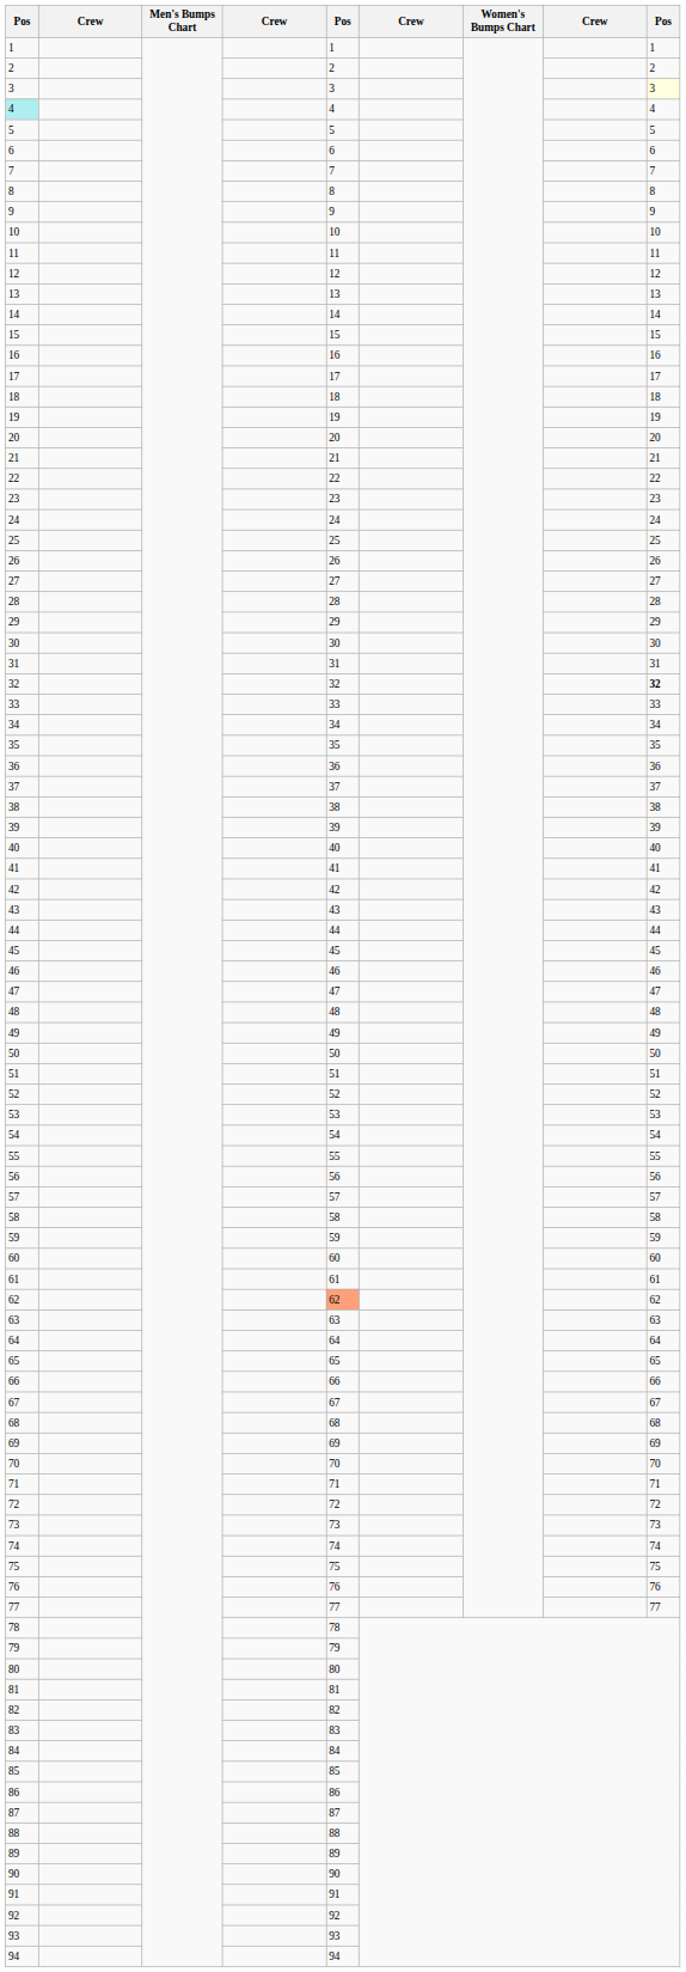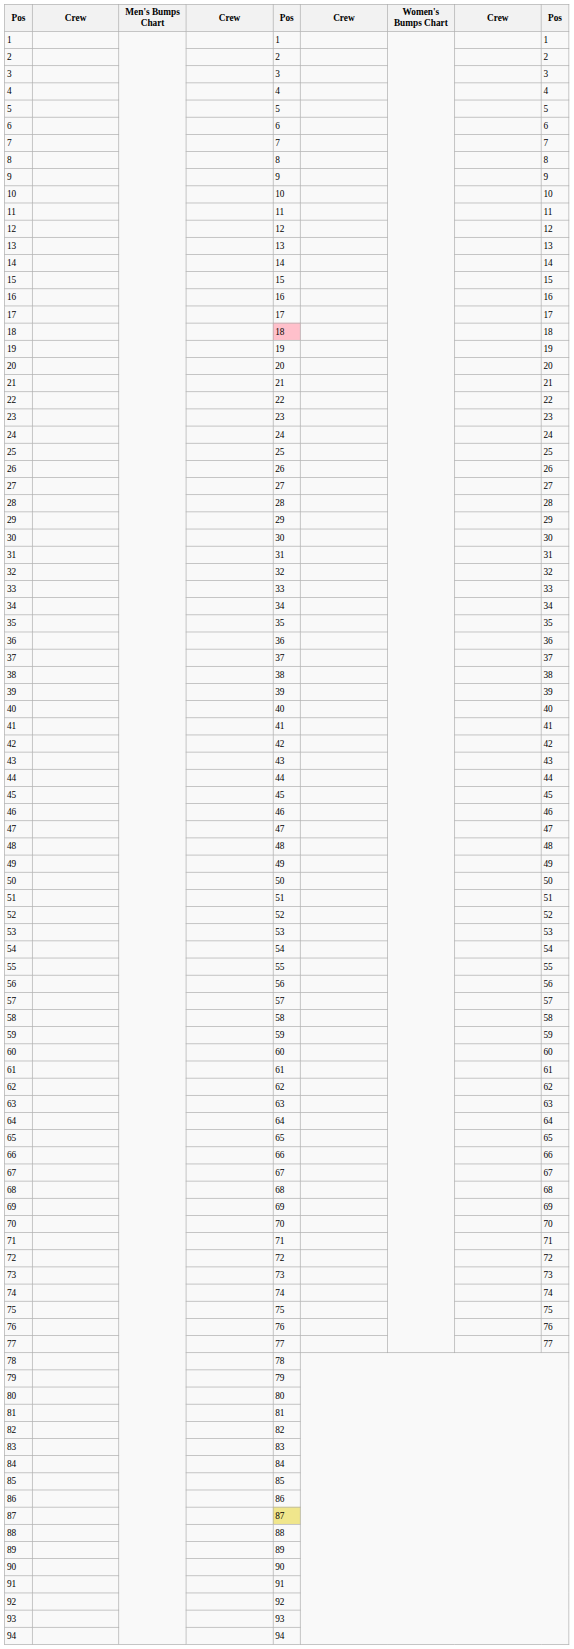 <table class="wikitable" style="font-size:88%; white-space:nowrap; margin:0.5em auto">
 <tr style="white-space:normal">
 <th width=35>Pos</th>
 <th width=125>Crew</th>
 <th width=95>Men's Bumps Chart</th>
 <th width=125>Crew</th>
 <th width=35>Pos</th>
 <th width=125>Crew</th>
 <th width=95>Women's Bumps Chart</th>
 <th width=125>Crew</th>
 <th width=35>Pos</th>
 </tr>
 <tr style="height:26px">
 <td>1</td>
 <td></td>
 <td rowspan="94" style="padding:0"></td>
 <td></td>
 <td>1</td>
 <td></td>
 <td rowspan="77" style="padding:0"></td>
 <td></td>
 <td>1</td>
 </tr>
 <tr style="height:26px">
 <td>2</td>
 <td></td>
 <td></td>
 <td>2</td>
 <td></td>
 <td></td>
 <td>2</td>
 </tr>
 <tr style="height:26px">
 <td>3</td>
 <td></td>
 <td></td>
 <td>3</td>
 <td></td>
 <td></td>
-<td style="background: lightyellow;">3</td>
+<td>3</td>
 </tr>
 <tr style="height:26px">
-<td style="background: paleturquoise;">4</td>
+<td>4</td>
 <td></td>
 <td></td>
 <td>4</td>
 <td></td>
 <td></td>
 <td>4</td>
 </tr>
 <tr style="height:26px">
 <td>5</td>
 <td></td>
 <td></td>
 <td>5</td>
 <td></td>
 <td></td>
 <td>5</td>
 </tr>
 <tr style="height:26px">
 <td>6</td>
 <td></td>
 <td></td>
 <td>6</td>
 <td></td>
 <td></td>
 <td>6</td>
 </tr>
 <tr style="height:26px">
 <td>7</td>
 <td></td>
 <td></td>
 <td>7</td>
 <td></td>
 <td></td>
 <td>7</td>
 </tr>
 <tr style="height:26px">
 <td>8</td>
 <td></td>
 <td></td>
 <td>8</td>
 <td></td>
 <td></td>
 <td>8</td>
 </tr>
 <tr style="height:26px">
 <td>9</td>
 <td></td>
 <td></td>
 <td>9</td>
 <td></td>
 <td></td>
 <td>9</td>
 </tr>
 <tr style="height:26px">
 <td>10</td>
 <td></td>
 <td></td>
 <td>10</td>
 <td></td>
 <td></td>
 <td>10</td>
 </tr>
 <tr style="height:26px">
 <td>11</td>
 <td></td>
 <td></td>
 <td>11</td>
 <td></td>
 <td></td>
 <td>11</td>
 </tr>
 <tr style="height:26px">
 <td>12</td>
 <td></td>
 <td></td>
 <td>12</td>
 <td></td>
 <td></td>
 <td>12</td>
 </tr>
 <tr style="height:26px">
 <td>13</td>
 <td></td>
 <td></td>
 <td>13</td>
 <td></td>
 <td></td>
 <td>13</td>
 </tr>
 <tr style="height:26px">
 <td>14</td>
 <td></td>
 <td></td>
 <td>14</td>
 <td></td>
 <td></td>
 <td>14</td>
 </tr>
 <tr style="height:26px">
 <td>15</td>
 <td></td>
 <td></td>
 <td>15</td>
 <td></td>
 <td></td>
 <td>15</td>
 </tr>
 <tr style="height:26px">
 <td>16</td>
 <td></td>
 <td></td>
 <td>16</td>
 <td></td>
 <td></td>
 <td>16</td>
 </tr>
 <tr style="height:26px">
 <td>17</td>
 <td></td>
 <td></td>
 <td>17</td>
 <td></td>
 <td></td>
 <td>17</td>
 </tr>
 <tr style="height:26px">
 <td>18</td>
 <td></td>
 <td></td>
-<td>18</td>
+<td style="background: pink;">18</td>
 <td></td>
 <td></td>
 <td>18</td>
 </tr>
 <tr style="height:26px">
 <td>19</td>
 <td></td>
 <td></td>
 <td>19</td>
 <td></td>
 <td></td>
 <td>19</td>
 </tr>
 <tr style="height:26px">
 <td>20</td>
 <td></td>
 <td></td>
 <td>20</td>
 <td></td>
 <td></td>
 <td>20</td>
 </tr>
 <tr style="height:26px">
 <td>21</td>
 <td></td>
 <td></td>
 <td>21</td>
 <td></td>
 <td></td>
 <td>21</td>
 </tr>
 <tr style="height:26px">
 <td>22</td>
 <td></td>
 <td></td>
 <td>22</td>
 <td></td>
 <td></td>
 <td>22</td>
 </tr>
 <tr style="height:26px">
 <td>23</td>
 <td></td>
 <td></td>
 <td>23</td>
 <td></td>
 <td></td>
 <td>23</td>
 </tr>
 <tr style="height:26px">
 <td>24</td>
 <td></td>
 <td></td>
 <td>24</td>
 <td></td>
 <td></td>
 <td>24</td>
 </tr>
 <tr style="height:26px">
 <td>25</td>
 <td></td>
 <td></td>
 <td>25</td>
 <td></td>
 <td></td>
 <td>25</td>
 </tr>
 <tr style="height:26px">
 <td>26</td>
 <td></td>
 <td></td>
 <td>26</td>
 <td></td>
 <td></td>
 <td>26</td>
 </tr>
 <tr style="height:26px">
 <td>27</td>
 <td></td>
 <td></td>
 <td>27</td>
 <td></td>
 <td></td>
 <td>27</td>
 </tr>
 <tr style="height:26px">
 <td>28</td>
 <td></td>
 <td></td>
 <td>28</td>
 <td></td>
 <td></td>
 <td>28</td>
 </tr>
 <tr style="height:26px">
 <td>29</td>
 <td></td>
 <td></td>
 <td>29</td>
 <td></td>
 <td></td>
 <td>29</td>
 </tr>
 <tr style="height:26px">
 <td>30</td>
 <td></td>
 <td></td>
 <td>30</td>
 <td></td>
 <td></td>
 <td>30</td>
 </tr>
 <tr style="height:26px">
 <td>31</td>
 <td></td>
 <td></td>
 <td>31</td>
 <td></td>
 <td></td>
 <td>31</td>
 </tr>
 <tr style="height:26px">
 <td>32</td>
 <td></td>
 <td></td>
 <td>32</td>
 <td></td>
 <td></td>
-<td><strong>32</strong></td>
+<td>32</td>
 </tr>
 <tr style="height:26px">
 <td>33</td>
 <td></td>
 <td></td>
 <td>33</td>
 <td></td>
 <td></td>
 <td>33</td>
 </tr>
 <tr style="height:26px">
 <td>34</td>
 <td></td>
 <td></td>
 <td>34</td>
 <td></td>
 <td></td>
 <td>34</td>
 </tr>
 <tr style="height:26px">
 <td>35</td>
 <td></td>
 <td></td>
 <td>35</td>
 <td></td>
 <td></td>
 <td>35</td>
 </tr>
 <tr style="height:26px">
 <td>36</td>
 <td></td>
 <td></td>
 <td>36</td>
 <td></td>
 <td></td>
 <td>36</td>
 </tr>
 <tr style="height:26px">
 <td>37</td>
 <td></td>
 <td></td>
 <td>37</td>
 <td></td>
 <td></td>
 <td>37</td>
 </tr>
 <tr style="height:26px">
 <td>38</td>
 <td></td>
 <td></td>
 <td>38</td>
 <td></td>
 <td></td>
 <td>38</td>
 </tr>
 <tr style="height:26px">
 <td>39</td>
 <td></td>
 <td></td>
 <td>39</td>
 <td></td>
 <td></td>
 <td>39</td>
 </tr>
 <tr style="height:26px">
 <td>40</td>
 <td></td>
 <td></td>
 <td>40</td>
 <td></td>
 <td></td>
 <td>40</td>
 </tr>
 <tr style="height:26px">
 <td>41</td>
 <td></td>
 <td></td>
 <td>41</td>
 <td></td>
 <td></td>
 <td>41</td>
 </tr>
 <tr style="height:26px">
 <td>42</td>
 <td></td>
 <td></td>
 <td>42</td>
 <td></td>
 <td></td>
 <td>42</td>
 </tr>
 <tr style="height:26px">
 <td>43</td>
 <td></td>
 <td></td>
 <td>43</td>
 <td></td>
 <td></td>
 <td>43</td>
 </tr>
 <tr style="height:26px">
 <td>44</td>
 <td></td>
 <td></td>
 <td>44</td>
 <td></td>
 <td></td>
 <td>44</td>
 </tr>
 <tr style="height:26px">
 <td>45</td>
 <td></td>
 <td></td>
 <td>45</td>
 <td></td>
 <td></td>
 <td>45</td>
 </tr>
 <tr style="height:26px">
 <td>46</td>
 <td></td>
 <td></td>
 <td>46</td>
 <td></td>
 <td></td>
 <td>46</td>
 </tr>
 <tr style="height:26px">
 <td>47</td>
 <td></td>
 <td></td>
 <td>47</td>
 <td></td>
 <td></td>
 <td>47</td>
 </tr>
 <tr style="height:26px">
 <td>48</td>
 <td></td>
 <td></td>
 <td>48</td>
 <td></td>
 <td></td>
 <td>48</td>
 </tr>
 <tr style="height:26px">
 <td>49</td>
 <td></td>
 <td></td>
 <td>49</td>
 <td></td>
 <td></td>
 <td>49</td>
 </tr>
 <tr style="height:26px">
 <td>50</td>
 <td></td>
 <td></td>
 <td>50</td>
 <td></td>
 <td></td>
 <td>50</td>
 </tr>
 <tr style="height:26px">
 <td>51</td>
 <td></td>
 <td></td>
 <td>51</td>
 <td></td>
 <td></td>
 <td>51</td>
 </tr>
 <tr style="height:26px">
 <td>52</td>
 <td></td>
 <td></td>
 <td>52</td>
 <td></td>
 <td></td>
 <td>52</td>
 </tr>
 <tr style="height:26px">
 <td>53</td>
 <td></td>
 <td></td>
 <td>53</td>
 <td></td>
 <td></td>
 <td>53</td>
 </tr>
 <tr style="height:26px">
 <td>54</td>
 <td></td>
 <td></td>
 <td>54</td>
 <td></td>
 <td></td>
 <td>54</td>
 </tr>
 <tr style="height:26px">
 <td>55</td>
 <td></td>
 <td></td>
 <td>55</td>
 <td></td>
 <td></td>
 <td>55</td>
 </tr>
 <tr style="height:26px">
 <td>56</td>
 <td></td>
 <td></td>
 <td>56</td>
 <td></td>
 <td></td>
 <td>56</td>
 </tr>
 <tr style="height:26px">
 <td>57</td>
 <td></td>
 <td></td>
 <td>57</td>
 <td></td>
 <td></td>
 <td>57</td>
 </tr>
 <tr style="height:26px">
 <td>58</td>
 <td></td>
 <td></td>
 <td>58</td>
 <td></td>
 <td></td>
 <td>58</td>
 </tr>
 <tr style="height:26px">
 <td>59</td>
 <td></td>
 <td></td>
 <td>59</td>
 <td></td>
 <td></td>
 <td>59</td>
 </tr>
 <tr style="height:26px">
 <td>60</td>
 <td></td>
 <td></td>
 <td>60</td>
 <td></td>
 <td></td>
 <td>60</td>
 </tr>
 <tr style="height:26px">
 <td>61</td>
 <td></td>
 <td></td>
 <td>61</td>
 <td></td>
 <td></td>
 <td>61</td>
 </tr>
 <tr style="height:26px">
 <td>62</td>
 <td></td>
 <td></td>
-<td style="background: lightsalmon;">62</td>
+<td>62</td>
 <td></td>
 <td></td>
 <td>62</td>
 </tr>
 <tr style="height:26px">
 <td>63</td>
 <td></td>
 <td></td>
 <td>63</td>
 <td></td>
 <td></td>
 <td>63</td>
 </tr>
 <tr style="height:26px">
 <td>64</td>
 <td></td>
 <td></td>
 <td>64</td>
 <td></td>
 <td></td>
 <td>64</td>
 </tr>
 <tr style="height:26px">
 <td>65</td>
 <td></td>
 <td></td>
 <td>65</td>
 <td></td>
 <td></td>
 <td>65</td>
 </tr>
 <tr style="height:26px">
 <td>66</td>
 <td></td>
 <td></td>
 <td>66</td>
 <td></td>
 <td></td>
 <td>66</td>
 </tr>
 <tr style="height:26px">
 <td>67</td>
 <td></td>
 <td></td>
 <td>67</td>
 <td></td>
 <td></td>
 <td>67</td>
 </tr>
 <tr style="height:26px">
 <td>68</td>
 <td></td>
 <td></td>
 <td>68</td>
 <td></td>
 <td></td>
 <td>68</td>
 </tr>
 <tr style="height:26px">
 <td>69</td>
 <td></td>
 <td></td>
 <td>69</td>
 <td></td>
 <td></td>
 <td>69</td>
 </tr>
 <tr style="height:26px">
 <td>70</td>
 <td></td>
 <td></td>
 <td>70</td>
 <td></td>
 <td></td>
 <td>70</td>
 </tr>
 <tr style="height:26px">
 <td>71</td>
 <td></td>
 <td></td>
 <td>71</td>
 <td></td>
 <td></td>
 <td>71</td>
 </tr>
 <tr style="height:26px">
 <td>72</td>
 <td></td>
 <td></td>
 <td>72</td>
 <td></td>
 <td></td>
 <td>72</td>
 </tr>
 <tr style="height:26px">
 <td>73</td>
 <td></td>
 <td></td>
 <td>73</td>
 <td></td>
 <td></td>
 <td>73</td>
 </tr>
 <tr style="height:26px">
 <td>74</td>
 <td></td>
 <td></td>
 <td>74</td>
 <td></td>
 <td></td>
 <td>74</td>
 </tr>
 <tr style="height:26px">
 <td>75</td>
 <td></td>
 <td></td>
 <td>75</td>
 <td></td>
 <td></td>
 <td>75</td>
 </tr>
 <tr style="height:26px">
 <td>76</td>
 <td></td>
 <td></td>
 <td>76</td>
 <td></td>
 <td></td>
 <td>76</td>
 </tr>
 <tr style="height:26px">
 <td>77</td>
 <td></td>
 <td></td>
 <td>77</td>
 <td></td>
 <td></td>
 <td>77</td>
 </tr>
 <tr style="height:26px">
 <td>78</td>
 <td></td>
 <td></td>
 <td>78</td>
 <td colspan="4" rowspan="17"> </td>
 </tr>
 <tr style="height:26px">
 <td>79</td>
 <td></td>
 <td></td>
 <td>79</td>
 </tr>
 <tr style="height:26px">
 <td>80</td>
 <td></td>
 <td></td>
 <td>80</td>
 </tr>
 <tr style="height:26px">
 <td>81</td>
 <td></td>
 <td></td>
 <td>81</td>
 </tr>
 <tr style="height:26px">
 <td>82</td>
 <td></td>
 <td></td>
 <td>82</td>
 </tr>
 <tr style="height:26px">
 <td>83</td>
 <td></td>
 <td></td>
 <td>83</td>
 </tr>
 <tr style="height:26px">
 <td>84</td>
 <td></td>
 <td></td>
 <td>84</td>
 </tr>
 <tr style="height:26px">
 <td>85</td>
 <td></td>
 <td></td>
 <td>85</td>
 </tr>
 <tr style="height:26px">
 <td>86</td>
 <td></td>
 <td></td>
 <td>86</td>
 </tr>
 <tr style="height:26px">
 <td>87</td>
 <td></td>
 <td></td>
-<td>87</td>
+<td style="background: khaki;">87</td>
 </tr>
 <tr style="height:26px">
 <td>88</td>
 <td></td>
 <td></td>
 <td>88</td>
 </tr>
 <tr style="height:26px">
 <td>89</td>
 <td></td>
 <td></td>
 <td>89</td>
 </tr>
 <tr style="height:26px">
 <td>90</td>
 <td></td>
 <td></td>
 <td>90</td>
 </tr>
 <tr style="height:26px">
 <td>91</td>
 <td></td>
 <td></td>
 <td>91</td>
 </tr>
 <tr style="height:26px">
 <td>92</td>
 <td></td>
 <td></td>
 <td>92</td>
 </tr>
 <tr style="height:26px">
 <td>93</td>
 <td></td>
 <td></td>
 <td>93</td>
 </tr>
 <tr style="height:26px">
 <td>94</td>
 <td></td>
 <td></td>
 <td>94</td>
 </tr>
 </table>
